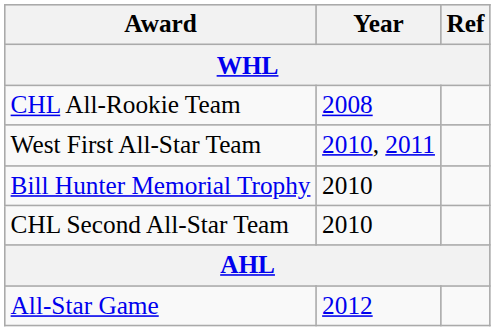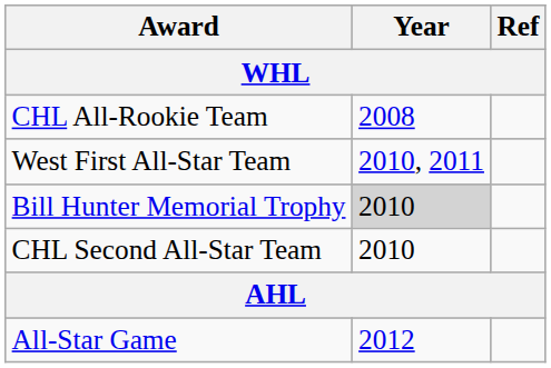 <table class="wikitable">
 <tr>
 <th>Award</th>
 <th>Year</th>
 <th>Ref</th>
 </tr>
 <tr>
 <th colspan="3"><a href='#'>WHL</a></th>
 </tr>
 <tr>
 <td><a href='#'>CHL</a> All-Rookie Team</td>
 <td><a href='#'>2008</a></td>
 <td></td>
 </tr>
 <tr>
 <td>West First All-Star Team</td>
 <td><a href='#'>2010</a>, <a href='#'>2011</a></td>
 <td></td>
 </tr>
 <tr>
 <td><a href='#'>Bill Hunter Memorial Trophy</a></td>
-<td>2010</td>
+<td style="background: lightgrey;">2010</td>
 <td></td>
 </tr>
 <tr>
 <td>CHL Second All-Star Team</td>
 <td>2010</td>
 <td></td>
 </tr>
 <tr>
 <th colspan="3"><a href='#'>AHL</a></th>
 </tr>
 <tr>
 <td><a href='#'>All-Star Game</a></td>
 <td><a href='#'>2012</a></td>
 <td></td>
 </tr>
 </table>
